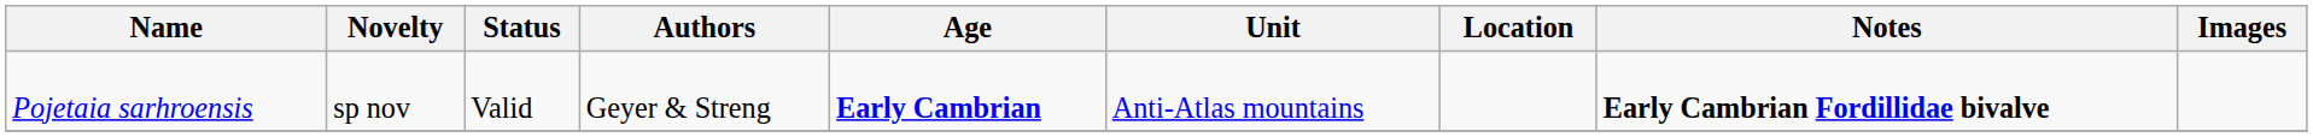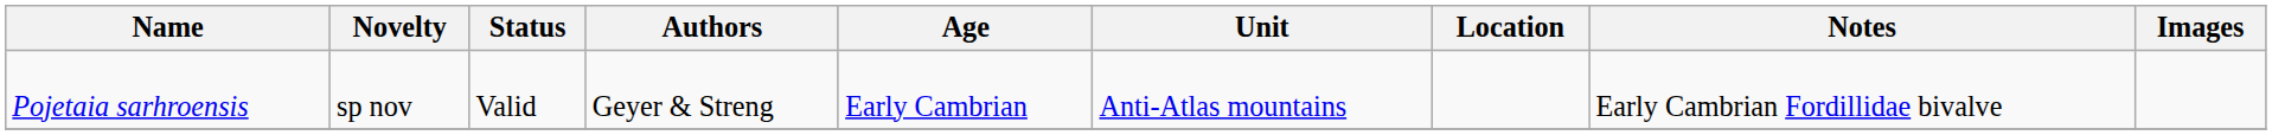 <table class="wikitable sortable" align="center" width="100%">
 <tr>
 <th>Name</th>
 <th>Novelty</th>
 <th>Status</th>
 <th>Authors</th>
 <th>Age</th>
 <th>Unit</th>
 <th>Location</th>
 <th>Notes</th>
 <th>Images</th>
 </tr>
 <tr>
 <td><br><em><a href='#'>Pojetaia sarhroensis</a></em></td>
 <td><br>sp nov</td>
 <td><br>Valid</td>
 <td><br>Geyer & Streng</td>
-<td><strong><br><a href='#'>Early Cambrian</a></strong></td>
+<td><br><a href='#'>Early Cambrian</a></td>
 <td><br><a href='#'>Anti-Atlas mountains</a></td>
 <td><br></td>
-<td><strong><br>Early Cambrian <a href='#'>Fordillidae</a> bivalve</strong></td>
+<td><br>Early Cambrian <a href='#'>Fordillidae</a> bivalve</td>
 <td></td>
 </tr>
 <tr>
 </tr>
 </table>
